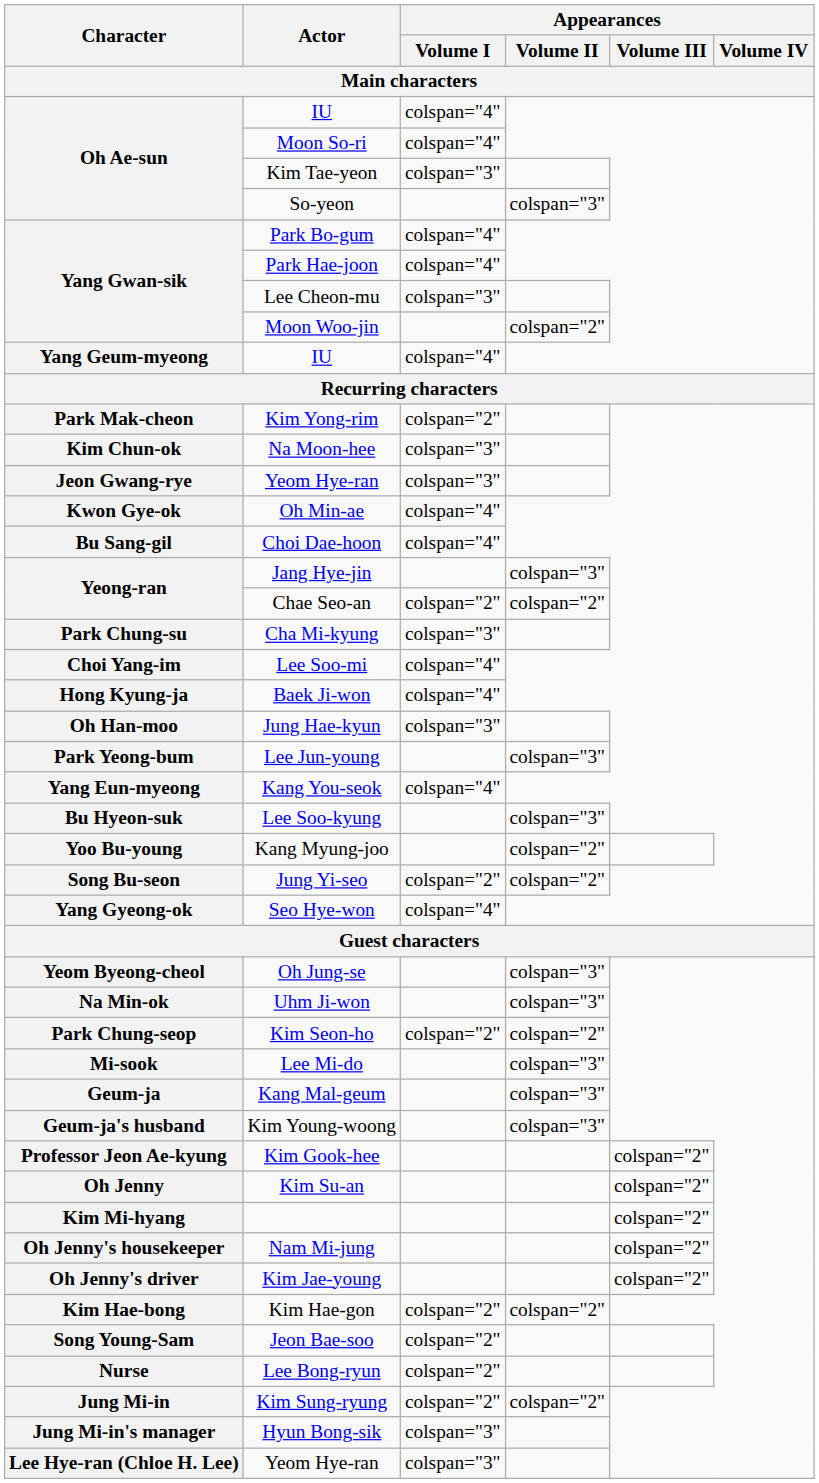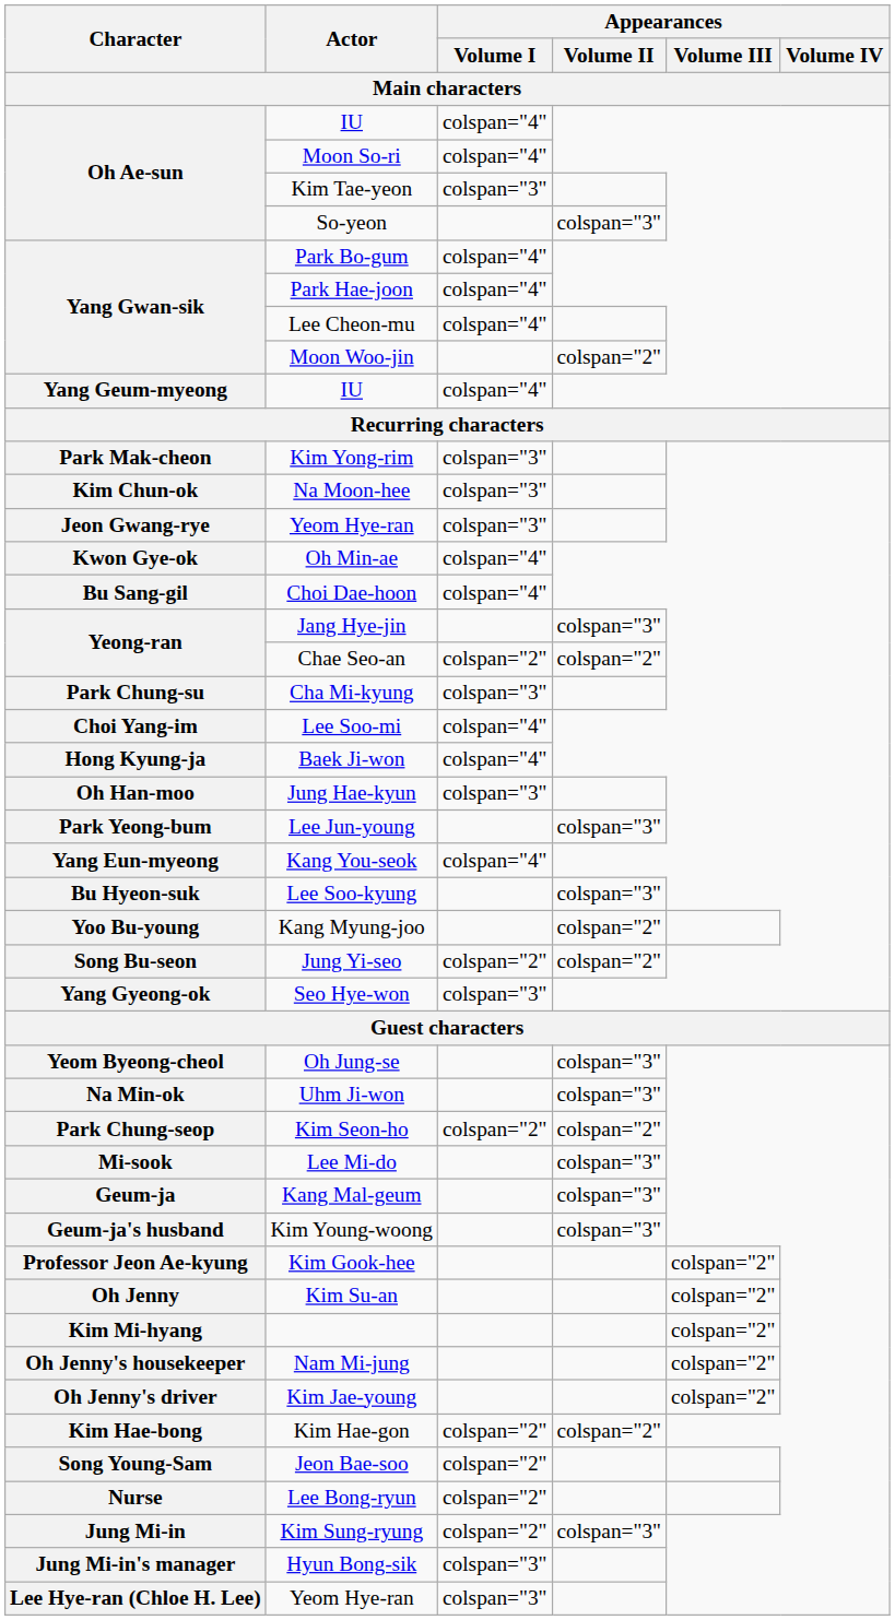 <table class="wikitable plainrowheaders" style="text-align:center; width:auto">
 <tr>
 <th scope="col" rowspan="2">Character</th>
 <th scope="col" rowspan="2">Actor</th>
 <th colspan="4">Appearances</th>
 </tr>
 <tr>
 <th scope="col" style="width:75px;">Volume I</th>
 <th scope="col" style="width:75px;">Volume II</th>
 <th scope="col" style="width:75px;">Volume III</th>
 <th scope="col" style="width:75px;">Volume IV</th>
 </tr>
 <tr>
 <th colspan="6" scope="col">Main characters</th>
 </tr>
 <tr>
 <th rowspan="4" scope="row">Oh Ae-sun</th>
 <td><a href='#'>IU</a></td>
 <td>colspan="4" </td>
 </tr>
 <tr>
 <td><a href='#'>Moon So-ri</a></td>
 <td>colspan="4" </td>
 </tr>
 <tr>
 <td>Kim Tae-yeon</td>
 <td>colspan="3" </td>
 <td></td>
 </tr>
 <tr>
 <td>So-yeon</td>
 <td></td>
 <td>colspan="3" </td>
 </tr>
 <tr>
 <th rowspan="4" scope="row">Yang Gwan-sik</th>
 <td><a href='#'>Park Bo-gum</a></td>
 <td>colspan="4" </td>
 </tr>
 <tr>
 <td><a href='#'>Park Hae-joon</a></td>
 <td>colspan="4" </td>
 </tr>
 <tr>
 <td>Lee Cheon-mu</td>
-<td>colspan="3" </td>
+<td>colspan="4" </td>
 <td></td>
 </tr>
 <tr>
 <td><a href='#'>Moon Woo-jin</a></td>
 <td></td>
 <td>colspan="2" </td>
 </tr>
 <tr>
 <th scope="row">Yang Geum-myeong</th>
 <td><a href='#'>IU</a></td>
 <td>colspan="4" </td>
 </tr>
 <tr>
 <th colspan="6">Recurring characters</th>
 </tr>
 <tr>
 <th scope="row">Park Mak-cheon</th>
 <td><a href='#'>Kim Yong-rim</a></td>
-<td>colspan="2" </td>
+<td>colspan="3" </td>
 <td></td>
 </tr>
 <tr>
 <th scope="row">Kim Chun-ok</th>
 <td><a href='#'>Na Moon-hee</a></td>
 <td>colspan="3" </td>
 <td></td>
 </tr>
 <tr>
 <th scope="row">Jeon Gwang-rye</th>
 <td><a href='#'>Yeom Hye-ran</a></td>
 <td>colspan="3" </td>
 <td></td>
 </tr>
 <tr>
 <th scope="row">Kwon Gye-ok</th>
 <td><a href='#'>Oh Min-ae</a></td>
 <td>colspan="4" </td>
 </tr>
 <tr>
 <th scope="row">Bu Sang-gil</th>
 <td><a href='#'>Choi Dae-hoon</a></td>
 <td>colspan="4" </td>
 </tr>
 <tr>
 <th rowspan="2" scope="row">Yeong-ran</th>
 <td><a href='#'>Jang Hye-jin</a></td>
 <td></td>
 <td>colspan="3" </td>
 </tr>
 <tr>
 <td>Chae Seo-an</td>
 <td>colspan="2" </td>
 <td>colspan="2" </td>
 </tr>
 <tr>
 <th scope="row">Park Chung-su</th>
 <td><a href='#'>Cha Mi-kyung</a></td>
 <td>colspan="3" </td>
 <td></td>
 </tr>
 <tr>
 <th scope="row">Choi Yang-im</th>
 <td><a href='#'>Lee Soo-mi</a></td>
 <td>colspan="4" </td>
 </tr>
 <tr>
 <th scope="row">Hong Kyung-ja</th>
 <td><a href='#'>Baek Ji-won</a></td>
 <td>colspan="4" </td>
 </tr>
 <tr>
 <th scope="row">Oh Han-moo</th>
 <td><a href='#'>Jung Hae-kyun</a></td>
 <td>colspan="3" </td>
 <td></td>
 </tr>
 <tr>
 <th scope="row">Park Yeong-bum</th>
 <td><a href='#'>Lee Jun-young</a></td>
 <td></td>
 <td>colspan="3" </td>
 </tr>
 <tr>
 <th scope="row">Yang Eun-myeong</th>
 <td><a href='#'>Kang You-seok</a></td>
 <td>colspan="4" </td>
 </tr>
 <tr>
 <th scope="row">Bu Hyeon-suk</th>
 <td><a href='#'>Lee Soo-kyung</a></td>
 <td></td>
 <td>colspan="3" </td>
 </tr>
 <tr>
 <th scope="row">Yoo Bu-young</th>
 <td>Kang Myung-joo</td>
 <td></td>
 <td>colspan="2" </td>
 <td></td>
 </tr>
 <tr>
 <th scope="row">Song Bu-seon</th>
 <td><a href='#'>Jung Yi-seo</a></td>
 <td>colspan="2" </td>
 <td>colspan="2" </td>
 </tr>
 <tr>
 <th scope="row">Yang Gyeong-ok</th>
 <td><a href='#'>Seo Hye-won</a></td>
-<td>colspan="4" </td>
+<td>colspan="3" </td>
 </tr>
 <tr>
 <th colspan="6" scope="col">Guest characters</th>
 </tr>
 <tr>
 <th scope="row">Yeom Byeong-cheol</th>
 <td><a href='#'>Oh Jung-se</a></td>
 <td></td>
 <td>colspan="3" </td>
 </tr>
 <tr>
 <th scope="row">Na Min-ok</th>
 <td><a href='#'>Uhm Ji-won</a></td>
 <td></td>
 <td>colspan="3" </td>
 </tr>
 <tr>
 <th scope="row">Park Chung-seop</th>
 <td><a href='#'>Kim Seon-ho</a></td>
 <td>colspan="2" </td>
 <td>colspan="2" </td>
 </tr>
 <tr>
 <th scope="row">Mi-sook</th>
 <td><a href='#'>Lee Mi-do</a></td>
 <td></td>
 <td>colspan="3" </td>
 </tr>
 <tr>
 <th scope="row">Geum-ja</th>
 <td><a href='#'>Kang Mal-geum</a></td>
 <td></td>
 <td>colspan="3" </td>
 </tr>
 <tr>
 <th scope="row">Geum-ja's husband</th>
 <td>Kim Young-woong</td>
 <td></td>
 <td>colspan="3" </td>
 </tr>
 <tr>
 <th scope="row">Professor Jeon Ae-kyung</th>
 <td><a href='#'>Kim Gook-hee</a></td>
 <td></td>
 <td></td>
 <td>colspan="2" </td>
 </tr>
 <tr>
 <th scope="row">Oh Jenny</th>
 <td><a href='#'>Kim Su-an</a></td>
 <td></td>
 <td></td>
 <td>colspan="2" </td>
 </tr>
 <tr>
 <th scope="row">Kim Mi-hyang</th>
 <td></td>
 <td></td>
 <td></td>
 <td>colspan="2" </td>
 </tr>
 <tr>
 <th scope="row">Oh Jenny's housekeeper</th>
 <td><a href='#'>Nam Mi-jung</a></td>
 <td></td>
 <td></td>
 <td>colspan="2" </td>
 </tr>
 <tr>
 <th scope="row">Oh Jenny's driver</th>
 <td><a href='#'>Kim Jae-young</a></td>
 <td></td>
 <td></td>
 <td>colspan="2" </td>
 </tr>
 <tr>
 <th scope="row">Kim Hae-bong</th>
 <td>Kim Hae-gon</td>
 <td>colspan="2" </td>
 <td>colspan="2" </td>
 </tr>
 <tr>
 <th scope="row">Song Young-Sam</th>
 <td><a href='#'>Jeon Bae-soo</a></td>
 <td>colspan="2" </td>
 <td></td>
 <td></td>
 </tr>
 <tr>
 <th scope="row">Nurse</th>
 <td><a href='#'>Lee Bong-ryun</a></td>
 <td>colspan="2" </td>
 <td></td>
 <td></td>
 </tr>
 <tr>
 <th scope="row">Jung Mi-in</th>
 <td><a href='#'>Kim Sung-ryung</a></td>
 <td>colspan="2" </td>
-<td>colspan="2" </td>
+<td>colspan="3" </td>
 </tr>
 <tr>
 <th scope="row">Jung Mi-in's manager</th>
 <td><a href='#'>Hyun Bong-sik</a></td>
 <td>colspan="3" </td>
 <td></td>
 </tr>
 <tr>
 <th scope="row">Lee Hye-ran (Chloe H. Lee)</th>
 <td>Yeom Hye-ran</td>
 <td>colspan="3" </td>
 <td></td>
 </tr>
 </table>
